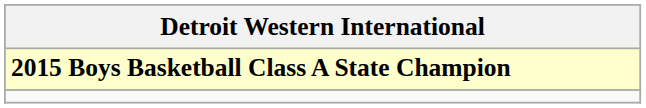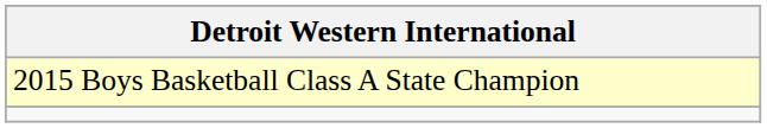 <table class="wikitable collapsible collapsed" style="min-width:25em; font-size:88%;">
 <tr>
 <th colspan="2">Detroit Western International</th>
 </tr>
 <tr style="background:#ffc;">
-<td><strong>2015 Boys Basketball Class A State Champion</strong></td>
+<td>2015 Boys Basketball Class A State Champion</td>
 </tr>
 <tr>
 <td></td>
 </tr>
 </table>
